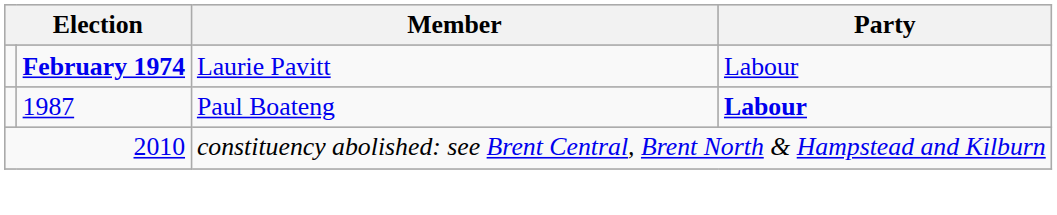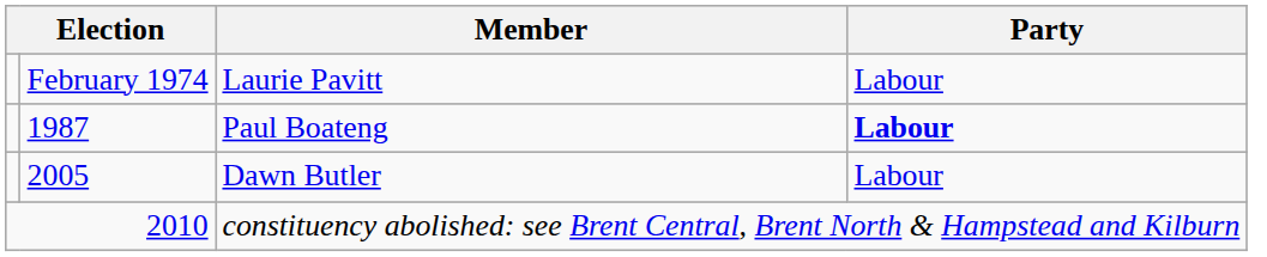 <table class="wikitable">
 <tr>
 <th colspan="2">Election</th>
 <th>Member</th>
 <th>Party</th>
 </tr>
 <tr>
 <td style="color:inherit;background-color: "></td>
-<td><strong><a href='#'>February 1974</a></strong></td>
+<td><a href='#'>February 1974</a></td>
 <td><a href='#'>Laurie Pavitt</a></td>
 <td><a href='#'>Labour</a></td>
 </tr>
 <tr>
 <td style="color:inherit;background-color: "></td>
 <td><a href='#'>1987</a></td>
 <td><a href='#'>Paul Boateng</a></td>
 <td><strong><a href='#'>Labour</a></strong></td>
 </tr>
 <tr>
+<td style="color:inherit;background-color: "></td>
+<td><a href='#'>2005</a></td>
+<td><a href='#'>Dawn Butler</a></td>
+<td><a href='#'>Labour</a></td>
+</tr>
+<tr>
 <td colspan="2" align="right"><a href='#'>2010</a></td>
 <td colspan="2"><em>constituency abolished: see <a href='#'>Brent Central</a>, <a href='#'>Brent North</a> & <a href='#'>Hampstead and Kilburn</a></em></td>
 </tr>
 </table>
